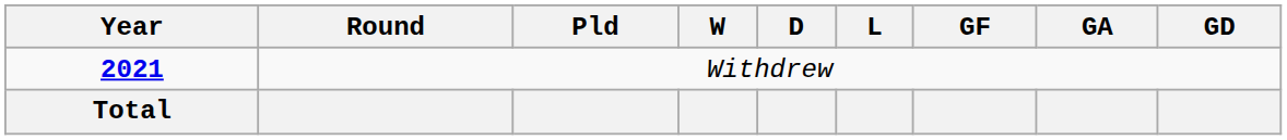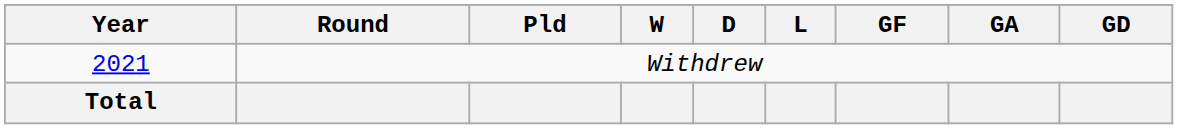 <table class="wikitable" style="text-align: center; width:50%;">
 <tr>
 <th>Year</th>
 <th>Round</th>
 <th>Pld</th>
 <th>W</th>
 <th>D</th>
 <th>L</th>
 <th>GF</th>
 <th>GA</th>
 <th>GD</th>
 </tr>
 <tr>
-<td><strong><a href='#'>2021</a></strong></td>
+<td><a href='#'>2021</a></td>
 <td colspan=8><em>Withdrew</em></td>
 </tr>
 <tr>
 <th>Total</th>
 <th></th>
 <th></th>
 <th></th>
 <th></th>
 <th></th>
 <th></th>
 <th></th>
 <th></th>
 </tr>
 </table>
